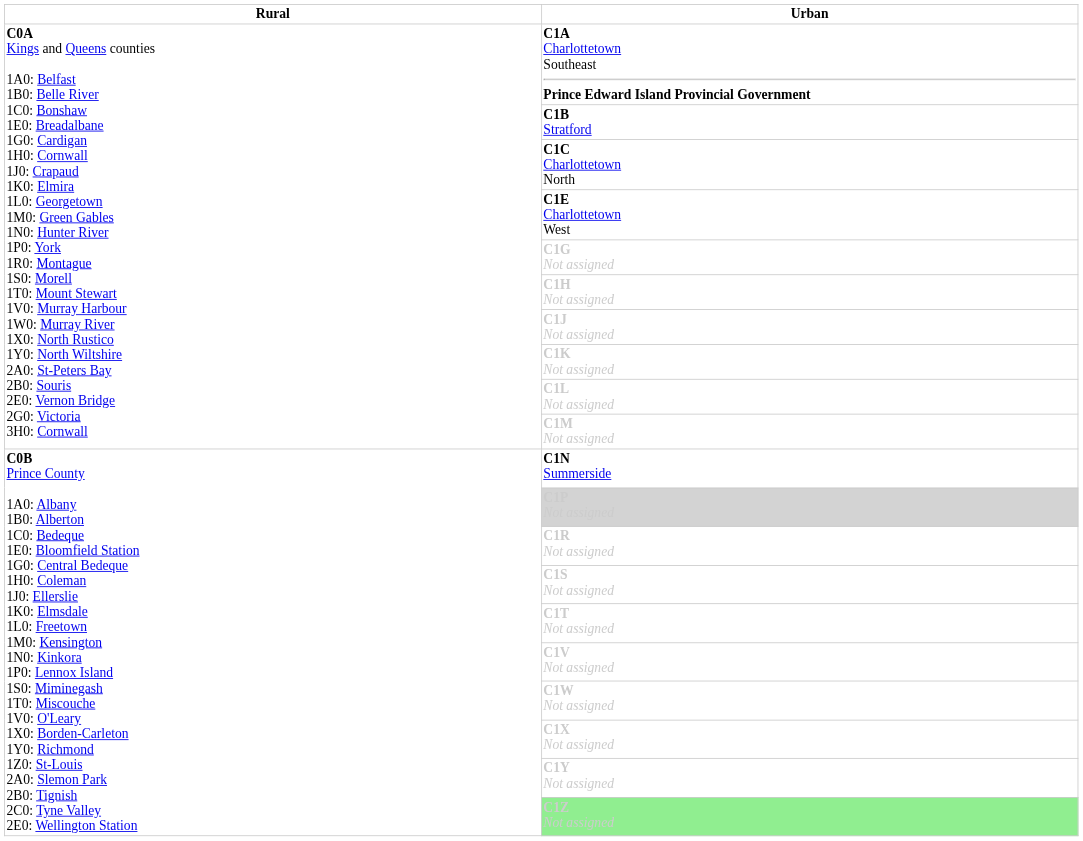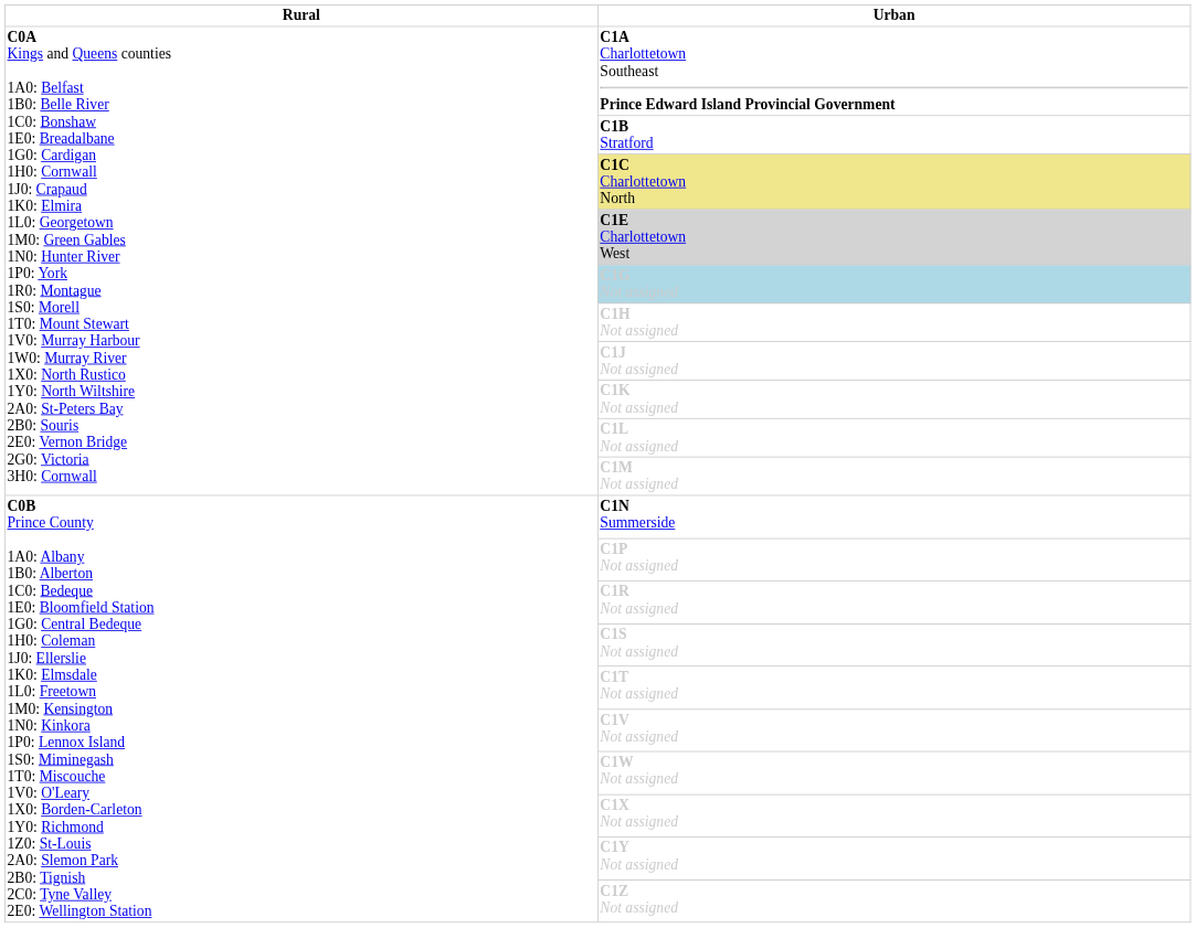 <table rules="all" width=100% cellspacing=0 cellpadding=2 style="border-collapse: collapse; border: 1px solid #ccc;">
 <tr>
 <th>Rural</th>
 <th>Urban</th>
 </tr>
 <tr>
 <td width=50% rowspan=10 valign=top><span><strong>C0A</strong><br><a href='#'>Kings</a> and <a href='#'>Queens</a> counties</span><br><br><span> 1A0: <a href='#'>Belfast</a><br> 1B0: <a href='#'>Belle River</a><br> 1C0: <a href='#'>Bonshaw</a><br> 1E0: <a href='#'>Breadalbane</a><br> 1G0: <a href='#'>Cardigan</a><br> 1H0: <a href='#'>Cornwall</a><br> 1J0: <a href='#'>Crapaud</a><br> 1K0: <a href='#'>Elmira</a><br> 1L0: <a href='#'>Georgetown</a><br> 1M0: <a href='#'>Green Gables</a><br> 1N0: <a href='#'>Hunter River</a><br> 1P0: <a href='#'>York</a><br> 1R0: <a href='#'>Montague</a><br> 1S0: <a href='#'>Morell</a><br> 1T0: <a href='#'>Mount Stewart</a><br> 1V0: <a href='#'>Murray Harbour</a><br> 1W0: <a href='#'>Murray River</a><br> 1X0: <a href='#'>North Rustico</a><br> 1Y0: <a href='#'>North Wiltshire</a><br> 2A0: <a href='#'>St-Peters Bay</a><br> 2B0: <a href='#'>Souris</a><br> 2E0: <a href='#'>Vernon Bridge</a><br> 2G0: <a href='#'>Victoria</a><br> 3H0: <a href='#'>Cornwall</a> </span></td>
 <td width=50% valign=top><span><strong>C1A</strong><br><a href='#'>Charlottetown</a><br>Southeast<hr><span><strong>Prince Edward Island Provincial Government</strong></span></span></td>
 </tr>
 <tr>
 <td width=50% valign=top><span><strong>C1B</strong><br><a href='#'>Stratford</a></span></td>
 </tr>
 <tr>
-<td width=50% valign=top><span><strong>C1C</strong><br><a href='#'>Charlottetown</a><br>North</span></td>
+<td width=50% valign=top style="background: khaki;"><span><strong>C1C</strong><br><a href='#'>Charlottetown</a><br>North</span></td>
 </tr>
 <tr>
-<td width=50% valign=top><span><strong>C1E</strong><br><a href='#'>Charlottetown</a><br>West</span></td>
+<td width=50% valign=top style="background: lightgrey;"><span><strong>C1E</strong><br><a href='#'>Charlottetown</a><br>West</span></td>
 </tr>
 <tr>
-<td width=50% valign=top style="color: #CCC;"><span><strong>C1G</strong><br><em>Not assigned</em></span></td>
+<td width=50% valign=top style="background: lightblue; color: #CCC;"><span><strong>C1G</strong><br><em>Not assigned</em></span></td>
 </tr>
 <tr>
 <td width=50% valign=top style="color: #CCC;"><span><strong>C1H</strong><br><em>Not assigned</em></span></td>
 </tr>
 <tr>
 <td width=50% valign=top style="color: #CCC;"><span><strong>C1J</strong><br><em>Not assigned</em></span></td>
 </tr>
 <tr>
 <td width=50% valign=top style="color: #CCC;"><span><strong>C1K</strong><br><em>Not assigned</em></span></td>
 </tr>
 <tr>
 <td width=50% valign=top style="color: #CCC;"><span><strong>C1L</strong><br><em>Not assigned</em></span></td>
 </tr>
 <tr>
 <td width=50% valign=top style="color: #CCC;"><span><strong>C1M</strong><br><em>Not assigned</em></span></td>
 </tr>
 <tr>
 <td width=50% rowspan=10 valign=top><span><strong>C0B</strong><br><a href='#'>Prince County</a></span><br><br><span> 1A0: <a href='#'>Albany</a><br> 1B0: <a href='#'>Alberton</a><br> 1C0: <a href='#'>Bedeque</a><br> 1E0: <a href='#'>Bloomfield Station</a><br> 1G0: <a href='#'>Central Bedeque</a><br> 1H0: <a href='#'>Coleman</a><br> 1J0: <a href='#'>Ellerslie</a><br> 1K0: <a href='#'>Elmsdale</a><br> 1L0: <a href='#'>Freetown</a><br> 1M0: <a href='#'>Kensington</a><br> 1N0: <a href='#'>Kinkora</a><br> 1P0: <a href='#'>Lennox Island</a><br> 1S0: <a href='#'>Miminegash</a><br> 1T0: <a href='#'>Miscouche</a><br> 1V0: <a href='#'>O'Leary</a><br> 1X0: <a href='#'>Borden-Carleton</a><br> 1Y0: <a href='#'>Richmond</a><br> 1Z0: <a href='#'>St-Louis</a><br> 2A0: <a href='#'>Slemon Park</a><br> 2B0: <a href='#'>Tignish</a><br> 2C0: <a href='#'>Tyne Valley</a><br> 2E0: <a href='#'>Wellington Station</a><br> </span></td>
 <td width=50% valign=top><span><strong>C1N</strong><br><a href='#'>Summerside</a></span></td>
 </tr>
 <tr>
-<td width=50% valign=top style="background: lightgrey; color: #CCC;"><span><strong>C1P</strong><br><em>Not assigned</em></span></td>
+<td width=50% valign=top style="color: #CCC;"><span><strong>C1P</strong><br><em>Not assigned</em></span></td>
 </tr>
 <tr>
 <td width=50% valign=top style="color: #CCC;"><span><strong>C1R</strong><br><em>Not assigned</em></span></td>
 </tr>
 <tr>
 <td width=50% valign=top style="color: #CCC;"><span><strong>C1S</strong><br><em>Not assigned</em></span></td>
 </tr>
 <tr>
 <td width=50% valign=top style="color: #CCC;"><span><strong>C1T</strong><br><em>Not assigned</em></span></td>
 </tr>
 <tr>
 <td width=50% valign=top style="color: #CCC;"><span><strong>C1V</strong><br><em>Not assigned</em></span></td>
 </tr>
 <tr>
 <td width=50% valign=top style="color: #CCC;"><span><strong>C1W</strong><br><em>Not assigned</em></span></td>
 </tr>
 <tr>
 <td width=50% valign=top style="color: #CCC;"><span><strong>C1X</strong><br><em>Not assigned</em></span></td>
 </tr>
 <tr>
 <td width=50% valign=top style="color: #CCC;"><span><strong>C1Y</strong><br><em>Not assigned</em></span></td>
 </tr>
 <tr>
-<td width=50% valign=top style="background: lightgreen; color: #CCC;"><span><strong>C1Z</strong><br><em>Not assigned</em></span></td>
+<td width=50% valign=top style="color: #CCC;"><span><strong>C1Z</strong><br><em>Not assigned</em></span></td>
 </tr>
 </table>
